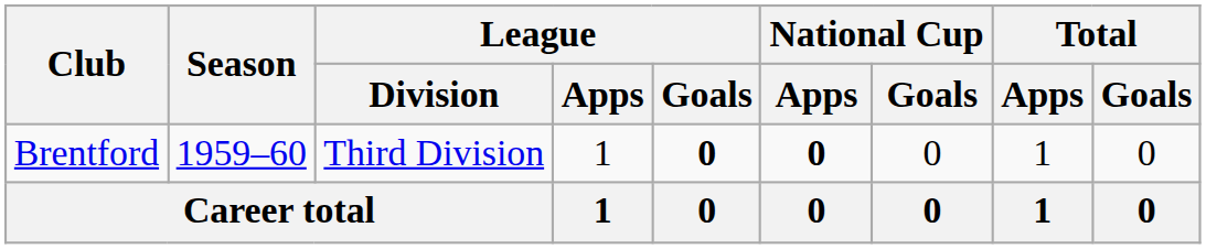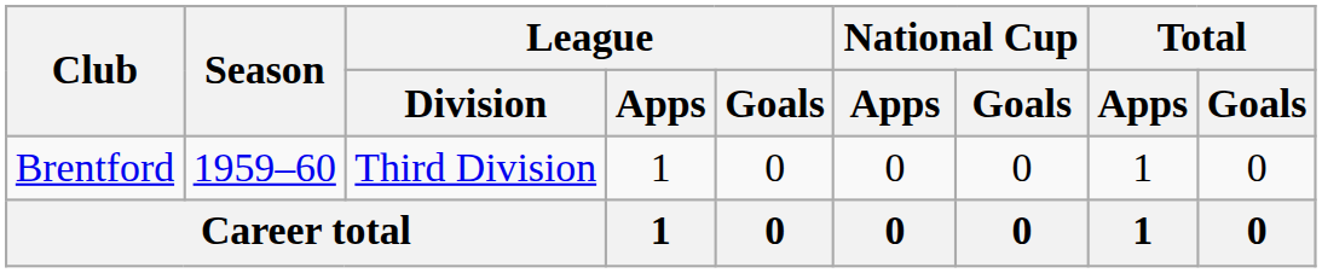 <table class="wikitable" style="text-align: center;">
 <tr>
 <th rowspan="2">Club</th>
 <th rowspan="2">Season</th>
 <th colspan="3">League</th>
 <th colspan="2">National Cup</th>
 <th colspan="2">Total</th>
 </tr>
 <tr>
 <th>Division</th>
 <th>Apps</th>
 <th>Goals</th>
 <th>Apps</th>
 <th>Goals</th>
 <th>Apps</th>
 <th>Goals</th>
 </tr>
 <tr>
 <td><a href='#'>Brentford</a></td>
 <td><a href='#'>1959–60</a></td>
 <td><a href='#'>Third Division</a></td>
 <td>1</td>
-<td><strong>0</strong></td>
-<td><strong>0</strong></td>
+<td>0</td>
+<td>0</td>
 <td>0</td>
 <td>1</td>
 <td>0</td>
 </tr>
 <tr>
 <th colspan="3">Career total</th>
 <th>1</th>
 <th>0</th>
 <th>0</th>
 <th>0</th>
 <th>1</th>
 <th>0</th>
 </tr>
 </table>
